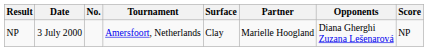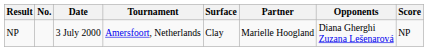 <table class="sortable wikitable" style=font-size:97%>
 <tr>
 <th>Result</th>
+<th>No.</th>
 <th>Date</th>
-<th>No.</th>
 <th>Tournament</th>
 <th>Surface</th>
 <th>Partner</th>
 <th>Opponents</th>
 <th>Score</th>
 </tr>
 <tr>
 <td>NP</td>
+<td></td>
 <td>3 July 2000</td>
-<td></td>
 <td><a href='#'>Amersfoort</a>, Netherlands</td>
 <td>Clay</td>
 <td> Marielle Hoogland</td>
 <td> Diana Gherghi <br>  <a href='#'>Zuzana Lešenarová</a></td>
 <td>NP</td>
 </tr>
 </table>
